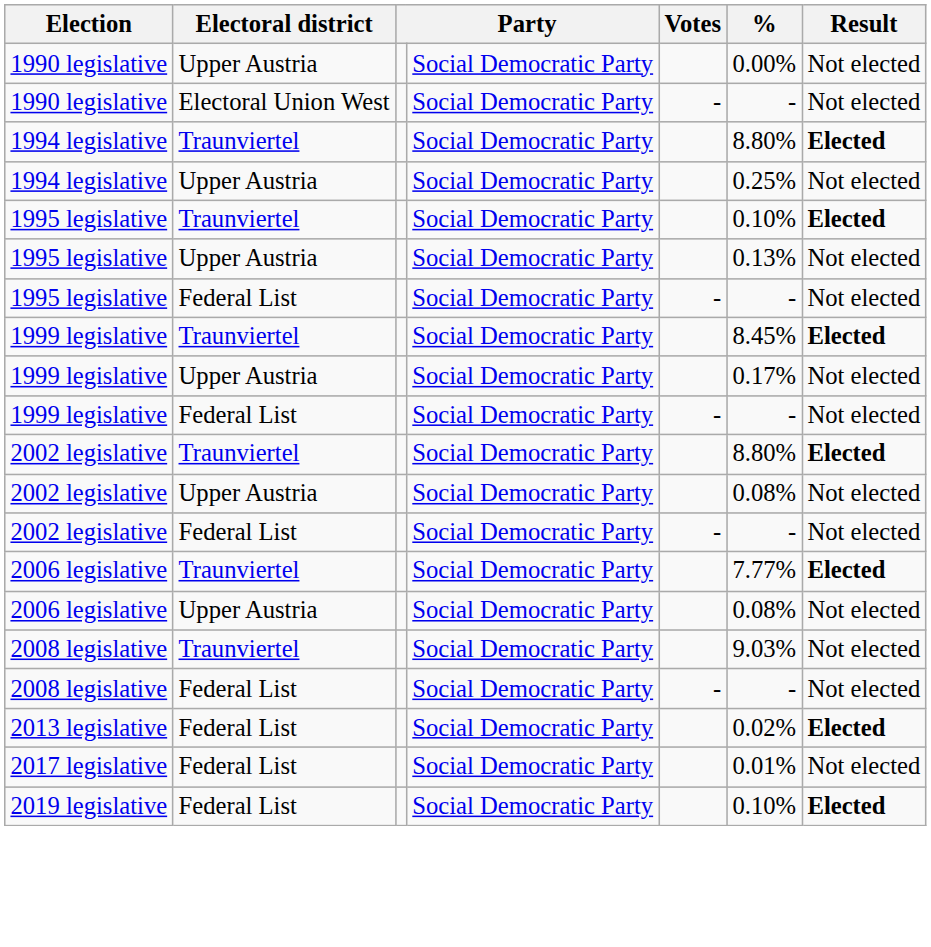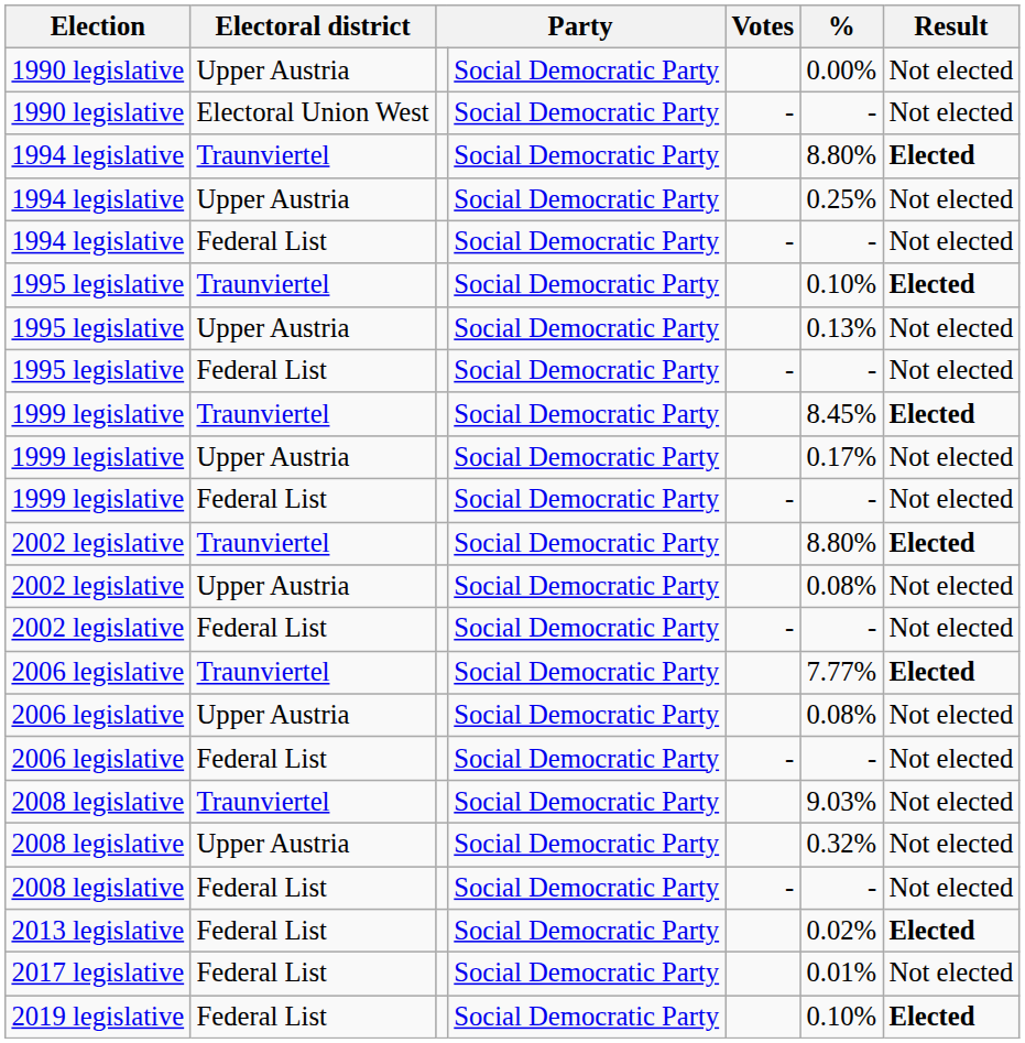 <table class="wikitable" style="text-align:left;">
 <tr>
 <th scope=col>Election</th>
 <th scope=col>Electoral district</th>
 <th scope=col colspan="2">Party</th>
 <th scope=col>Votes</th>
 <th scope=col>%</th>
 <th scope=col>Result</th>
 </tr>
 <tr>
 <td><a href='#'>1990 legislative</a></td>
 <td>Upper Austria</td>
 <td style="background:"></td>
 <td><a href='#'>Social Democratic Party</a></td>
 <td align=right></td>
 <td align=right>0.00%</td>
 <td>Not elected</td>
 </tr>
 <tr>
 <td><a href='#'>1990 legislative</a></td>
 <td>Electoral Union West</td>
 <td style="background:"></td>
 <td><a href='#'>Social Democratic Party</a></td>
 <td align=right>-</td>
 <td align=right>-</td>
 <td>Not elected</td>
 </tr>
 <tr>
 <td><a href='#'>1994 legislative</a></td>
 <td><a href='#'>Traunviertel</a></td>
 <td style="background:"></td>
 <td><a href='#'>Social Democratic Party</a></td>
 <td align=right></td>
 <td align=right>8.80%</td>
 <td><strong>Elected</strong></td>
 </tr>
 <tr>
 <td><a href='#'>1994 legislative</a></td>
 <td>Upper Austria</td>
 <td style="background:"></td>
 <td><a href='#'>Social Democratic Party</a></td>
 <td align=right></td>
 <td align=right>0.25%</td>
+<td>Not elected</td>
+</tr>
+<tr>
+<td><a href='#'>1994 legislative</a></td>
+<td>Federal List</td>
+<td style="background:"></td>
+<td><a href='#'>Social Democratic Party</a></td>
+<td align=right>-</td>
+<td align=right>-</td>
 <td>Not elected</td>
 </tr>
 <tr>
 <td><a href='#'>1995 legislative</a></td>
 <td><a href='#'>Traunviertel</a></td>
 <td style="background:"></td>
 <td><a href='#'>Social Democratic Party</a></td>
 <td align=right></td>
 <td align=right>0.10%</td>
 <td><strong>Elected</strong></td>
 </tr>
 <tr>
 <td><a href='#'>1995 legislative</a></td>
 <td>Upper Austria</td>
 <td style="background:"></td>
 <td><a href='#'>Social Democratic Party</a></td>
 <td align=right></td>
 <td align=right>0.13%</td>
 <td>Not elected</td>
 </tr>
 <tr>
 <td><a href='#'>1995 legislative</a></td>
 <td>Federal List</td>
 <td style="background:"></td>
 <td><a href='#'>Social Democratic Party</a></td>
 <td align=right>-</td>
 <td align=right>-</td>
 <td>Not elected</td>
 </tr>
 <tr>
 <td><a href='#'>1999 legislative</a></td>
 <td><a href='#'>Traunviertel</a></td>
 <td style="background:"></td>
 <td><a href='#'>Social Democratic Party</a></td>
 <td align=right></td>
 <td align=right>8.45%</td>
 <td><strong>Elected</strong></td>
 </tr>
 <tr>
 <td><a href='#'>1999 legislative</a></td>
 <td>Upper Austria</td>
 <td style="background:"></td>
 <td><a href='#'>Social Democratic Party</a></td>
 <td align=right></td>
 <td align=right>0.17%</td>
 <td>Not elected</td>
 </tr>
 <tr>
 <td><a href='#'>1999 legislative</a></td>
 <td>Federal List</td>
 <td style="background:"></td>
 <td><a href='#'>Social Democratic Party</a></td>
 <td align=right>-</td>
 <td align=right>-</td>
 <td>Not elected</td>
 </tr>
 <tr>
 <td><a href='#'>2002 legislative</a></td>
 <td><a href='#'>Traunviertel</a></td>
 <td style="background:"></td>
 <td><a href='#'>Social Democratic Party</a></td>
 <td align=right></td>
 <td align=right>8.80%</td>
 <td><strong>Elected</strong></td>
 </tr>
 <tr>
 <td><a href='#'>2002 legislative</a></td>
 <td>Upper Austria</td>
 <td style="background:"></td>
 <td><a href='#'>Social Democratic Party</a></td>
 <td align=right></td>
 <td align=right>0.08%</td>
 <td>Not elected</td>
 </tr>
 <tr>
 <td><a href='#'>2002 legislative</a></td>
 <td>Federal List</td>
 <td style="background:"></td>
 <td><a href='#'>Social Democratic Party</a></td>
 <td align=right>-</td>
 <td align=right>-</td>
 <td>Not elected</td>
 </tr>
 <tr>
 <td><a href='#'>2006 legislative</a></td>
 <td><a href='#'>Traunviertel</a></td>
 <td style="background:"></td>
 <td><a href='#'>Social Democratic Party</a></td>
 <td align=right></td>
 <td align=right>7.77%</td>
 <td><strong>Elected</strong></td>
 </tr>
 <tr>
 <td><a href='#'>2006 legislative</a></td>
 <td>Upper Austria</td>
 <td style="background:"></td>
 <td><a href='#'>Social Democratic Party</a></td>
 <td align=right></td>
 <td align=right>0.08%</td>
 <td>Not elected</td>
 </tr>
 <tr>
+<td><a href='#'>2006 legislative</a></td>
+<td>Federal List</td>
+<td style="background:"></td>
+<td><a href='#'>Social Democratic Party</a></td>
+<td align=right>-</td>
+<td align=right>-</td>
+<td>Not elected</td>
+</tr>
+<tr>
 <td><a href='#'>2008 legislative</a></td>
 <td><a href='#'>Traunviertel</a></td>
 <td style="background:"></td>
 <td><a href='#'>Social Democratic Party</a></td>
 <td align=right></td>
 <td align=right>9.03%</td>
+<td>Not elected</td>
+</tr>
+<tr>
+<td><a href='#'>2008 legislative</a></td>
+<td>Upper Austria</td>
+<td style="background:"></td>
+<td><a href='#'>Social Democratic Party</a></td>
+<td align=right></td>
+<td align=right>0.32%</td>
 <td>Not elected</td>
 </tr>
 <tr>
 <td><a href='#'>2008 legislative</a></td>
 <td>Federal List</td>
 <td style="background:"></td>
 <td><a href='#'>Social Democratic Party</a></td>
 <td align=right>-</td>
 <td align=right>-</td>
 <td>Not elected</td>
 </tr>
 <tr>
 <td><a href='#'>2013 legislative</a></td>
 <td>Federal List</td>
 <td style="background:"></td>
 <td><a href='#'>Social Democratic Party</a></td>
 <td align=right></td>
 <td align=right>0.02%</td>
 <td><strong>Elected</strong></td>
 </tr>
 <tr>
 <td><a href='#'>2017 legislative</a></td>
 <td>Federal List</td>
 <td style="background:"></td>
 <td><a href='#'>Social Democratic Party</a></td>
 <td align=right></td>
 <td align=right>0.01%</td>
 <td>Not elected</td>
 </tr>
 <tr>
 <td><a href='#'>2019 legislative</a></td>
 <td>Federal List</td>
 <td style="background:"></td>
 <td><a href='#'>Social Democratic Party</a></td>
 <td align=right></td>
 <td align=right>0.10%</td>
 <td><strong>Elected</strong></td>
 </tr>
 </table>
